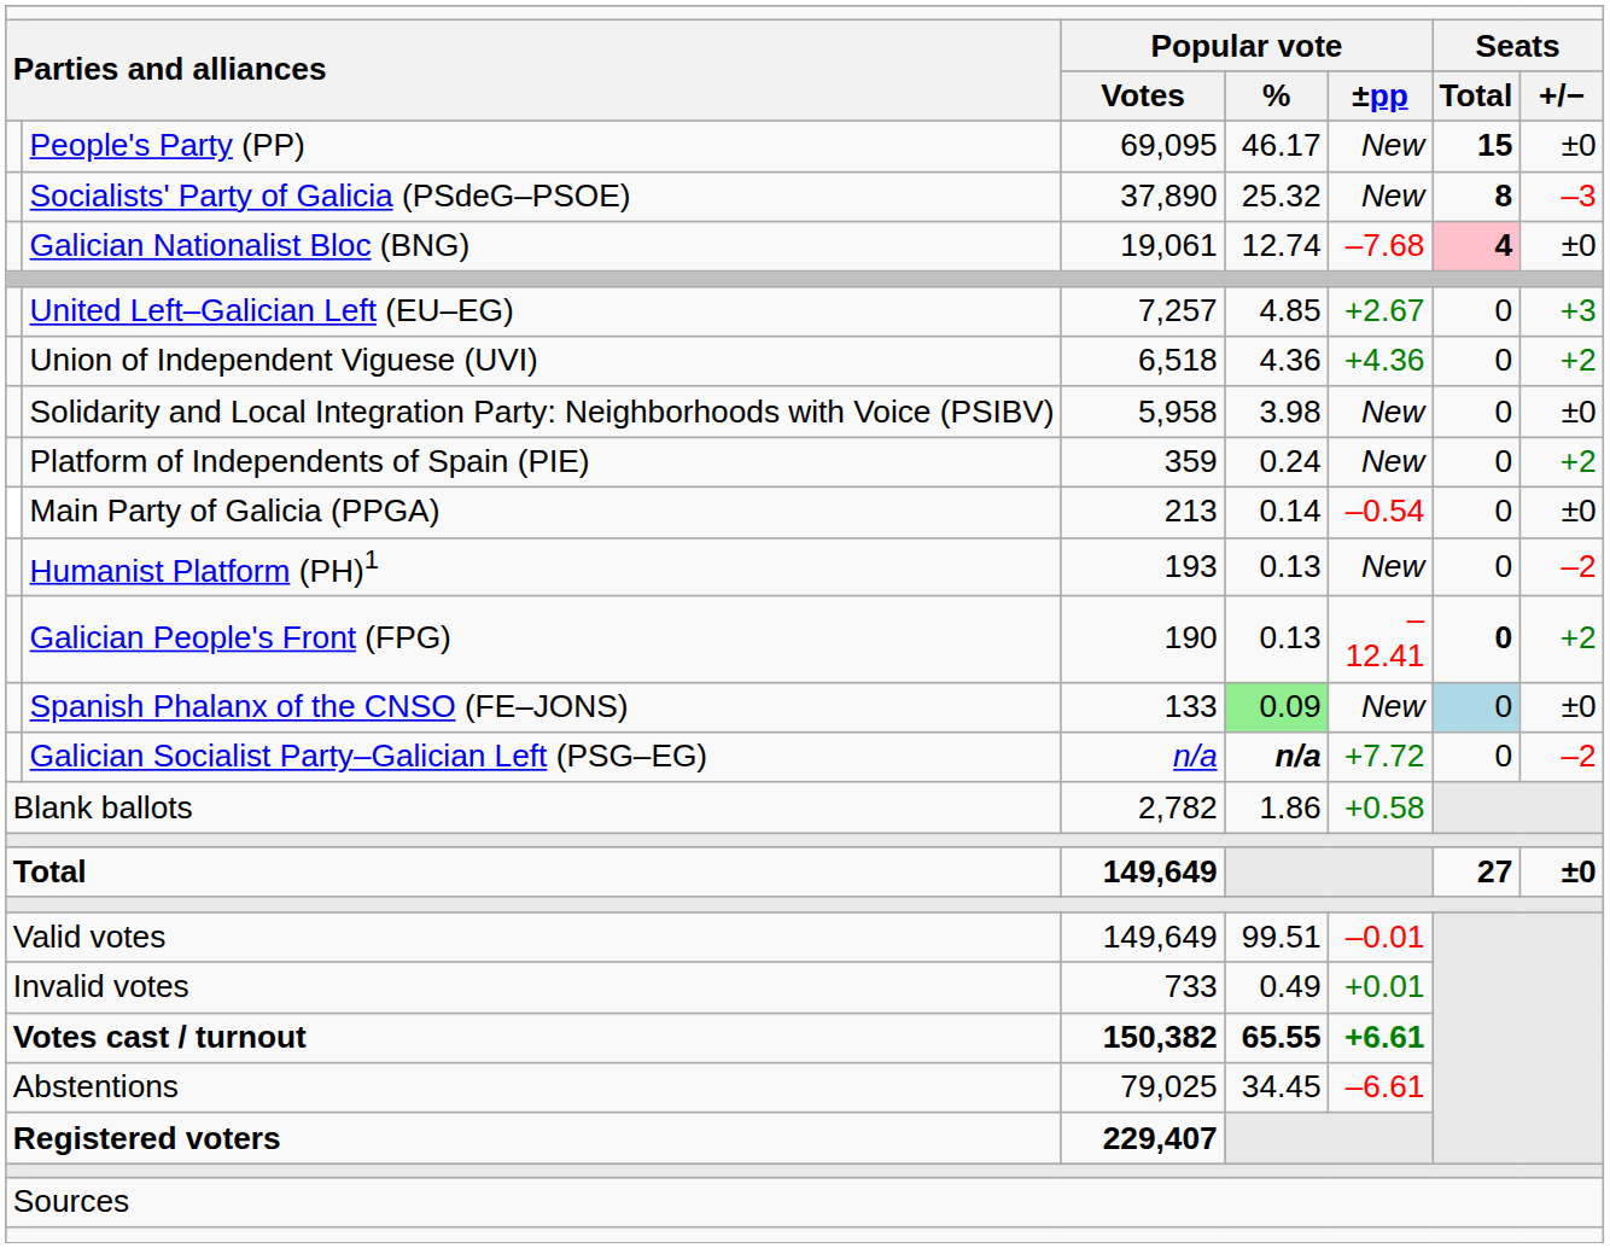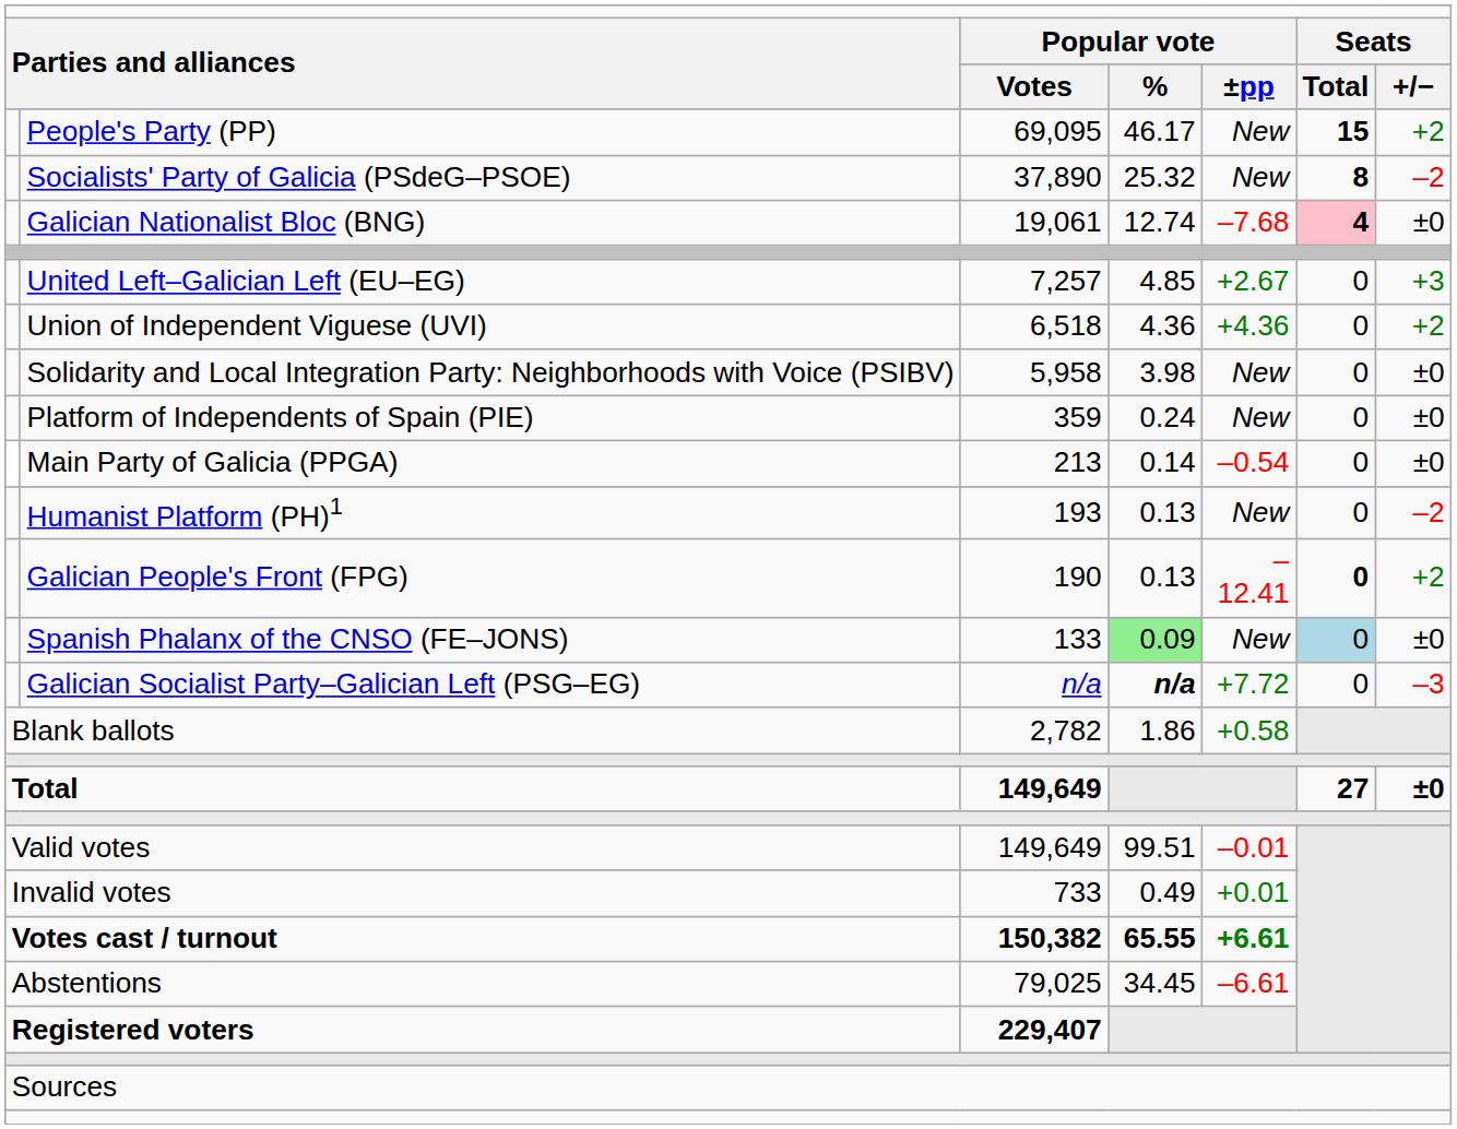 <table class="wikitable" style="text-align:right;">
 <tr>
 <td colspan="7"></td>
 </tr>
 <tr>
 <th style="text-align:left;" rowspan="2" colspan="2" width="525">Parties and alliances</th>
 <th colspan="3">Popular vote</th>
 <th colspan="2">Seats</th>
 </tr>
 <tr>
 <th width="75">Votes</th>
 <th width="45">%</th>
 <th width="45">±<a href='#'>pp</a></th>
 <th width="35">Total</th>
 <th width="35">+/−</th>
 </tr>
 <tr>
 <td width="1" style="color:inherit;background:"></td>
 <td align="left"><a href='#'>People's Party</a> (PP)</td>
 <td>69,095</td>
 <td>46.17</td>
 <td><em>New</em></td>
 <td><strong>15</strong></td>
-<td>±0</td>
+<td style="color:green;">+2</td>
 </tr>
 <tr>
 <td style="color:inherit;background:"></td>
 <td align="left"><a href='#'>Socialists' Party of Galicia</a> (PSdeG–PSOE)</td>
 <td>37,890</td>
 <td>25.32</td>
 <td><em>New</em></td>
 <td><strong>8</strong></td>
-<td style="color:red;">–3</td>
+<td style="color:red;">–2</td>
 </tr>
 <tr>
 <td style="color:inherit;background:"></td>
 <td align="left"><a href='#'>Galician Nationalist Bloc</a> (BNG)</td>
 <td>19,061</td>
 <td>12.74</td>
 <td style="color:red;">–7.68</td>
 <td style="background: pink;"><strong>4</strong></td>
 <td>±0</td>
 </tr>
 <tr>
 <td colspan="7" bgcolor="#C0C0C0"></td>
 </tr>
 <tr>
 <td style="color:inherit;background:"></td>
 <td align="left"><a href='#'>United Left–Galician Left</a> (EU–EG)</td>
 <td>7,257</td>
 <td>4.85</td>
 <td style="color:green;">+2.67</td>
 <td>0</td>
 <td style="color:green;">+3</td>
 </tr>
 <tr>
 <td style="color:inherit;background:"></td>
 <td align="left">Union of Independent Viguese (UVI)</td>
 <td>6,518</td>
 <td>4.36</td>
 <td style="color:green;">+4.36</td>
 <td>0</td>
 <td style="color:green;">+2</td>
 </tr>
 <tr>
 <td style="color:inherit;background:"></td>
 <td align="left">Solidarity and Local Integration Party: Neighborhoods with Voice (PSIBV)</td>
 <td>5,958</td>
 <td>3.98</td>
 <td><em>New</em></td>
 <td>0</td>
 <td>±0</td>
 </tr>
 <tr>
 <td style="color:inherit;background:"></td>
 <td align="left">Platform of Independents of Spain (PIE)</td>
 <td>359</td>
 <td>0.24</td>
 <td><em>New</em></td>
 <td>0</td>
-<td style="color:green;">+2</td>
+<td>±0</td>
 </tr>
 <tr>
 <td bgcolor="white"></td>
 <td align="left">Main Party of Galicia (PPGA)</td>
 <td>213</td>
 <td>0.14</td>
 <td style="color:red;">–0.54</td>
 <td>0</td>
 <td>±0</td>
 </tr>
 <tr>
 <td style="color:inherit;background:"></td>
 <td align="left"><a href='#'>Humanist Platform</a> (PH)<sup>1</sup></td>
 <td>193</td>
 <td>0.13</td>
 <td><em>New</em></td>
 <td>0</td>
 <td style="color:red;">–2</td>
 </tr>
 <tr>
 <td style="color:inherit;background:"></td>
 <td align="left"><a href='#'>Galician People's Front</a> (FPG)</td>
 <td>190</td>
 <td>0.13</td>
 <td style="color:red;">–12.41</td>
 <td><strong>0</strong></td>
 <td style="color:green;">+2</td>
 </tr>
 <tr>
 <td style="color:inherit;background:"></td>
 <td align="left"><a href='#'>Spanish Phalanx of the CNSO</a> (FE–JONS)</td>
 <td>133</td>
 <td style="background: lightgreen;">0.09</td>
 <td><em>New</em></td>
 <td style="background: lightblue;">0</td>
 <td>±0</td>
 </tr>
 <tr>
 <td style="color:inherit;background:"></td>
 <td align="left"><a href='#'>Galician Socialist Party–Galician Left</a> (PSG–EG)</td>
 <td><em><a href='#'>n/a</a></em></td>
 <td><strong><em>n/a</em></strong></td>
 <td style="color:green;">+7.72</td>
 <td>0</td>
-<td style="color:red;">–2</td>
+<td style="color:red;">–3</td>
 </tr>
 <tr>
 <td align="left" colspan="2">Blank ballots</td>
 <td>2,782</td>
 <td>1.86</td>
 <td style="color:green;">+0.58</td>
 <td bgcolor="#E9E9E9" colspan="2"></td>
 </tr>
 <tr>
 <td colspan="7" bgcolor="#E9E9E9"></td>
 </tr>
 <tr style="font-weight:bold;">
 <td align="left" colspan="2">Total</td>
 <td>149,649</td>
 <td bgcolor="#E9E9E9" colspan="2"></td>
 <td>27</td>
 <td>±0</td>
 </tr>
 <tr>
 <td colspan="7" bgcolor="#E9E9E9"></td>
 </tr>
 <tr>
 <td align="left" colspan="2">Valid votes</td>
 <td>149,649</td>
 <td>99.51</td>
 <td style="color:red;">–0.01</td>
 <td bgcolor="#E9E9E9" colspan="2" rowspan="5"></td>
 </tr>
 <tr>
 <td align="left" colspan="2">Invalid votes</td>
 <td>733</td>
 <td>0.49</td>
 <td style="color:green;">+0.01</td>
 </tr>
 <tr style="font-weight:bold;">
 <td align="left" colspan="2">Votes cast / turnout</td>
 <td>150,382</td>
 <td>65.55</td>
 <td style="color:green;">+6.61</td>
 </tr>
 <tr>
 <td align="left" colspan="2">Abstentions</td>
 <td>79,025</td>
 <td>34.45</td>
 <td style="color:red;">–6.61</td>
 </tr>
 <tr style="font-weight:bold;">
 <td align="left" colspan="2">Registered voters</td>
 <td>229,407</td>
 <td bgcolor="#E9E9E9" colspan="2"></td>
 </tr>
 <tr>
 <td colspan="7" bgcolor="#E9E9E9"></td>
 </tr>
 <tr>
 <td align="left" colspan="7">Sources</td>
 </tr>
 <tr>
 <td colspan="7" style="text-align:left; max-width:790px;"></td>
 </tr>
 </table>
